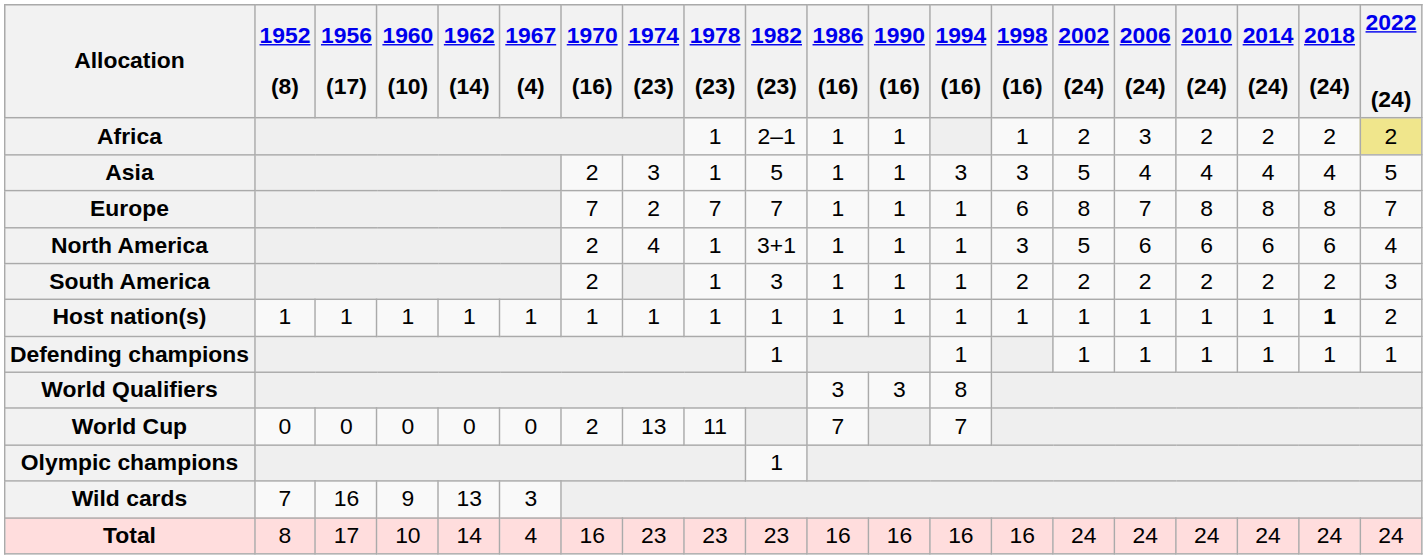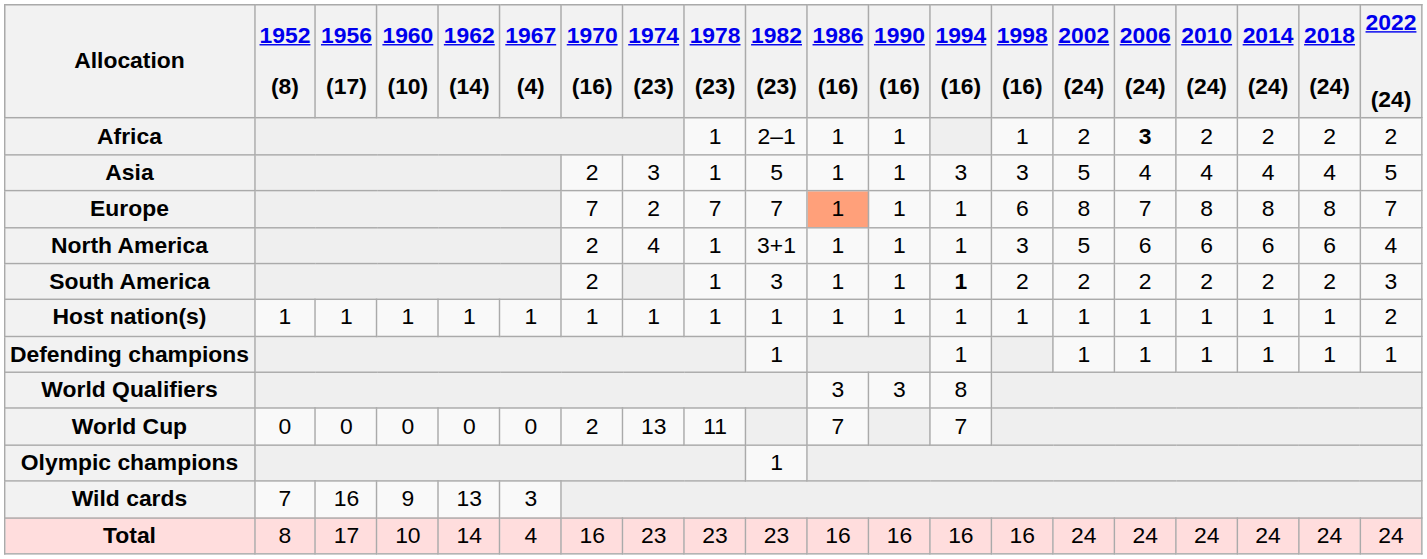 <table class="wikitable">
 <tr style="background:#ccc; text-align:center;">
 <th><strong>Allocation</strong></th>
 <th><a href='#'>1952</a><br><br>(8)</th>
 <th><a href='#'>1956</a><br><br>(17)</th>
 <th><a href='#'>1960</a><br><br>(10)</th>
 <th><a href='#'>1962</a><br><br>(14)</th>
 <th><a href='#'>1967</a><br><br>(4)</th>
 <th><a href='#'>1970</a><br><br>(16)</th>
 <th><a href='#'>1974</a><br><br>(23)</th>
 <th><a href='#'>1978</a><br><br>(23)</th>
 <th><a href='#'>1982</a><br><br>(23)</th>
 <th><a href='#'>1986</a><br><br>(16)</th>
 <th><a href='#'>1990</a><br><br>(16)</th>
 <th><a href='#'>1994</a><br><br>(16)</th>
 <th><a href='#'>1998</a><br><br>(16)</th>
 <th><a href='#'>2002</a><br><br>(24)</th>
 <th><a href='#'>2006</a><br><br>(24)</th>
 <th><a href='#'>2010</a><br><br>(24)</th>
 <th><a href='#'>2014</a><br><br>(24)</th>
 <th><a href='#'>2018</a><br><br>(24)</th>
 <th><a href='#'>2022</a><br><br> <br>(24)</th>
 </tr>
 <tr style="text-align:center;">
 <th><strong>Africa</strong></th>
 <td colspan="7" bgcolor="#efefef"></td>
 <td>1</td>
 <td>2–1</td>
 <td>1</td>
 <td>1</td>
 <td bgcolor="#efefef"></td>
 <td>1</td>
 <td>2</td>
-<td>3</td>
+<td><strong>3</strong></td>
 <td>2</td>
 <td>2</td>
 <td>2</td>
-<td style="background: khaki;">2</td>
+<td>2</td>
 </tr>
 <tr style="text-align:center;">
 <th><strong>Asia</strong></th>
 <td colspan="5" bgcolor="#efefef"></td>
 <td>2</td>
 <td>3</td>
 <td>1</td>
 <td>5</td>
 <td>1</td>
 <td>1</td>
 <td>3</td>
 <td>3</td>
 <td>5</td>
 <td>4</td>
 <td>4</td>
 <td>4</td>
 <td>4</td>
 <td>5</td>
 </tr>
 <tr style="text-align:center;">
 <th><strong>Europe</strong></th>
 <td colspan="5" bgcolor="#efefef"></td>
 <td>7</td>
 <td>2</td>
 <td>7</td>
 <td>7</td>
-<td>1</td>
+<td style="background: lightsalmon;">1</td>
 <td>1</td>
 <td>1</td>
 <td>6</td>
 <td>8</td>
 <td>7</td>
 <td>8</td>
 <td>8</td>
 <td>8</td>
 <td>7</td>
 </tr>
 <tr style="text-align:center;">
 <th><strong>North America</strong></th>
 <td colspan="5" bgcolor="#efefef"></td>
 <td>2</td>
 <td>4</td>
 <td>1</td>
 <td>3+1</td>
 <td>1</td>
 <td>1</td>
 <td>1</td>
 <td>3</td>
 <td>5</td>
 <td>6</td>
 <td>6</td>
 <td>6</td>
 <td>6</td>
 <td>4</td>
 </tr>
 <tr style="text-align:center;">
 <th><strong>South America</strong></th>
 <td colspan="5" bgcolor="#efefef"></td>
 <td>2</td>
 <td bgcolor="#efefef"></td>
 <td>1</td>
 <td>3</td>
 <td>1</td>
 <td>1</td>
-<td>1</td>
+<td><strong>1</strong></td>
 <td>2</td>
 <td>2</td>
 <td>2</td>
 <td>2</td>
 <td>2</td>
 <td>2</td>
 <td>3</td>
 </tr>
 <tr style="text-align:center;">
 <th><strong>Host nation(s)</strong></th>
 <td>1</td>
 <td>1</td>
 <td>1</td>
 <td>1</td>
 <td>1</td>
 <td>1</td>
 <td>1</td>
 <td>1</td>
 <td>1</td>
 <td>1</td>
 <td>1</td>
 <td>1</td>
 <td>1</td>
 <td>1</td>
 <td>1</td>
 <td>1</td>
 <td>1</td>
-<td><strong>1</strong></td>
+<td>1</td>
 <td>2</td>
 </tr>
 <tr style="text-align:center;">
 <th><strong>Defending champions</strong></th>
 <td colspan="8" bgcolor="#efefef"></td>
 <td>1</td>
 <td colspan="2" bgcolor="#efefef"></td>
 <td>1</td>
 <td bgcolor="#efefef"></td>
 <td>1</td>
 <td>1</td>
 <td>1</td>
 <td>1</td>
 <td>1</td>
 <td>1</td>
 </tr>
 <tr style="text-align:center;">
 <th><strong>World Qualifiers</strong></th>
 <td colspan="9" bgcolor="#efefef"></td>
 <td>3</td>
 <td>3</td>
 <td>8</td>
 <td colspan="7" bgcolor="#efefef"></td>
 </tr>
 <tr style="text-align:center;">
 <th><strong>World Cup</strong></th>
 <td>0</td>
 <td>0</td>
 <td>0</td>
 <td>0</td>
 <td>0</td>
 <td>2</td>
 <td>13</td>
 <td>11</td>
 <td bgcolor="#efefef"></td>
 <td>7</td>
 <td bgcolor="#efefef"></td>
 <td>7</td>
 <td colspan="7" bgcolor="#efefef"></td>
 </tr>
 <tr style="text-align:center;">
 <th><strong>Olympic champions</strong></th>
 <td colspan="8" bgcolor="#efefef"></td>
 <td>1</td>
 <td colspan="10" bgcolor="#efefef"></td>
 </tr>
 <tr style="text-align:center;">
 <th><strong>Wild cards</strong></th>
 <td>7</td>
 <td>16</td>
 <td>9</td>
 <td>13</td>
 <td>3</td>
 <td colspan="14" bgcolor="#efefef"></td>
 </tr>
 <tr style="background:#fdd; text-align:center;">
 <td><strong>Total</strong></td>
 <td>8</td>
 <td>17</td>
 <td>10</td>
 <td>14</td>
 <td>4</td>
 <td>16</td>
 <td>23</td>
 <td>23</td>
 <td>23</td>
 <td>16</td>
 <td>16</td>
 <td>16</td>
 <td>16</td>
 <td>24</td>
 <td>24</td>
 <td>24</td>
 <td>24</td>
 <td>24</td>
 <td>24</td>
 </tr>
 </table>
